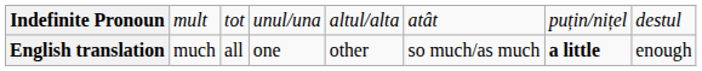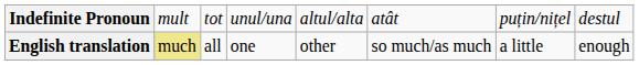 <table class="wikitable">
 <tr>
 <th>Indefinite Pronoun</th>
 <td><em>mult</em></td>
 <td><em>tot</em></td>
 <td><em>unul/una</em></td>
 <td><em>altul/alta</em></td>
 <td><em>atât</em></td>
 <td><em>puțin/nițel</em></td>
 <td><em>destul</em></td>
 </tr>
 <tr>
 <th>English translation</th>
-<td>much</td>
+<td style="background: khaki;">much</td>
 <td>all</td>
 <td>one</td>
 <td>other</td>
 <td>so much/as much</td>
-<td><strong>a little</strong></td>
+<td>a little</td>
 <td>enough</td>
 </tr>
 </table>
